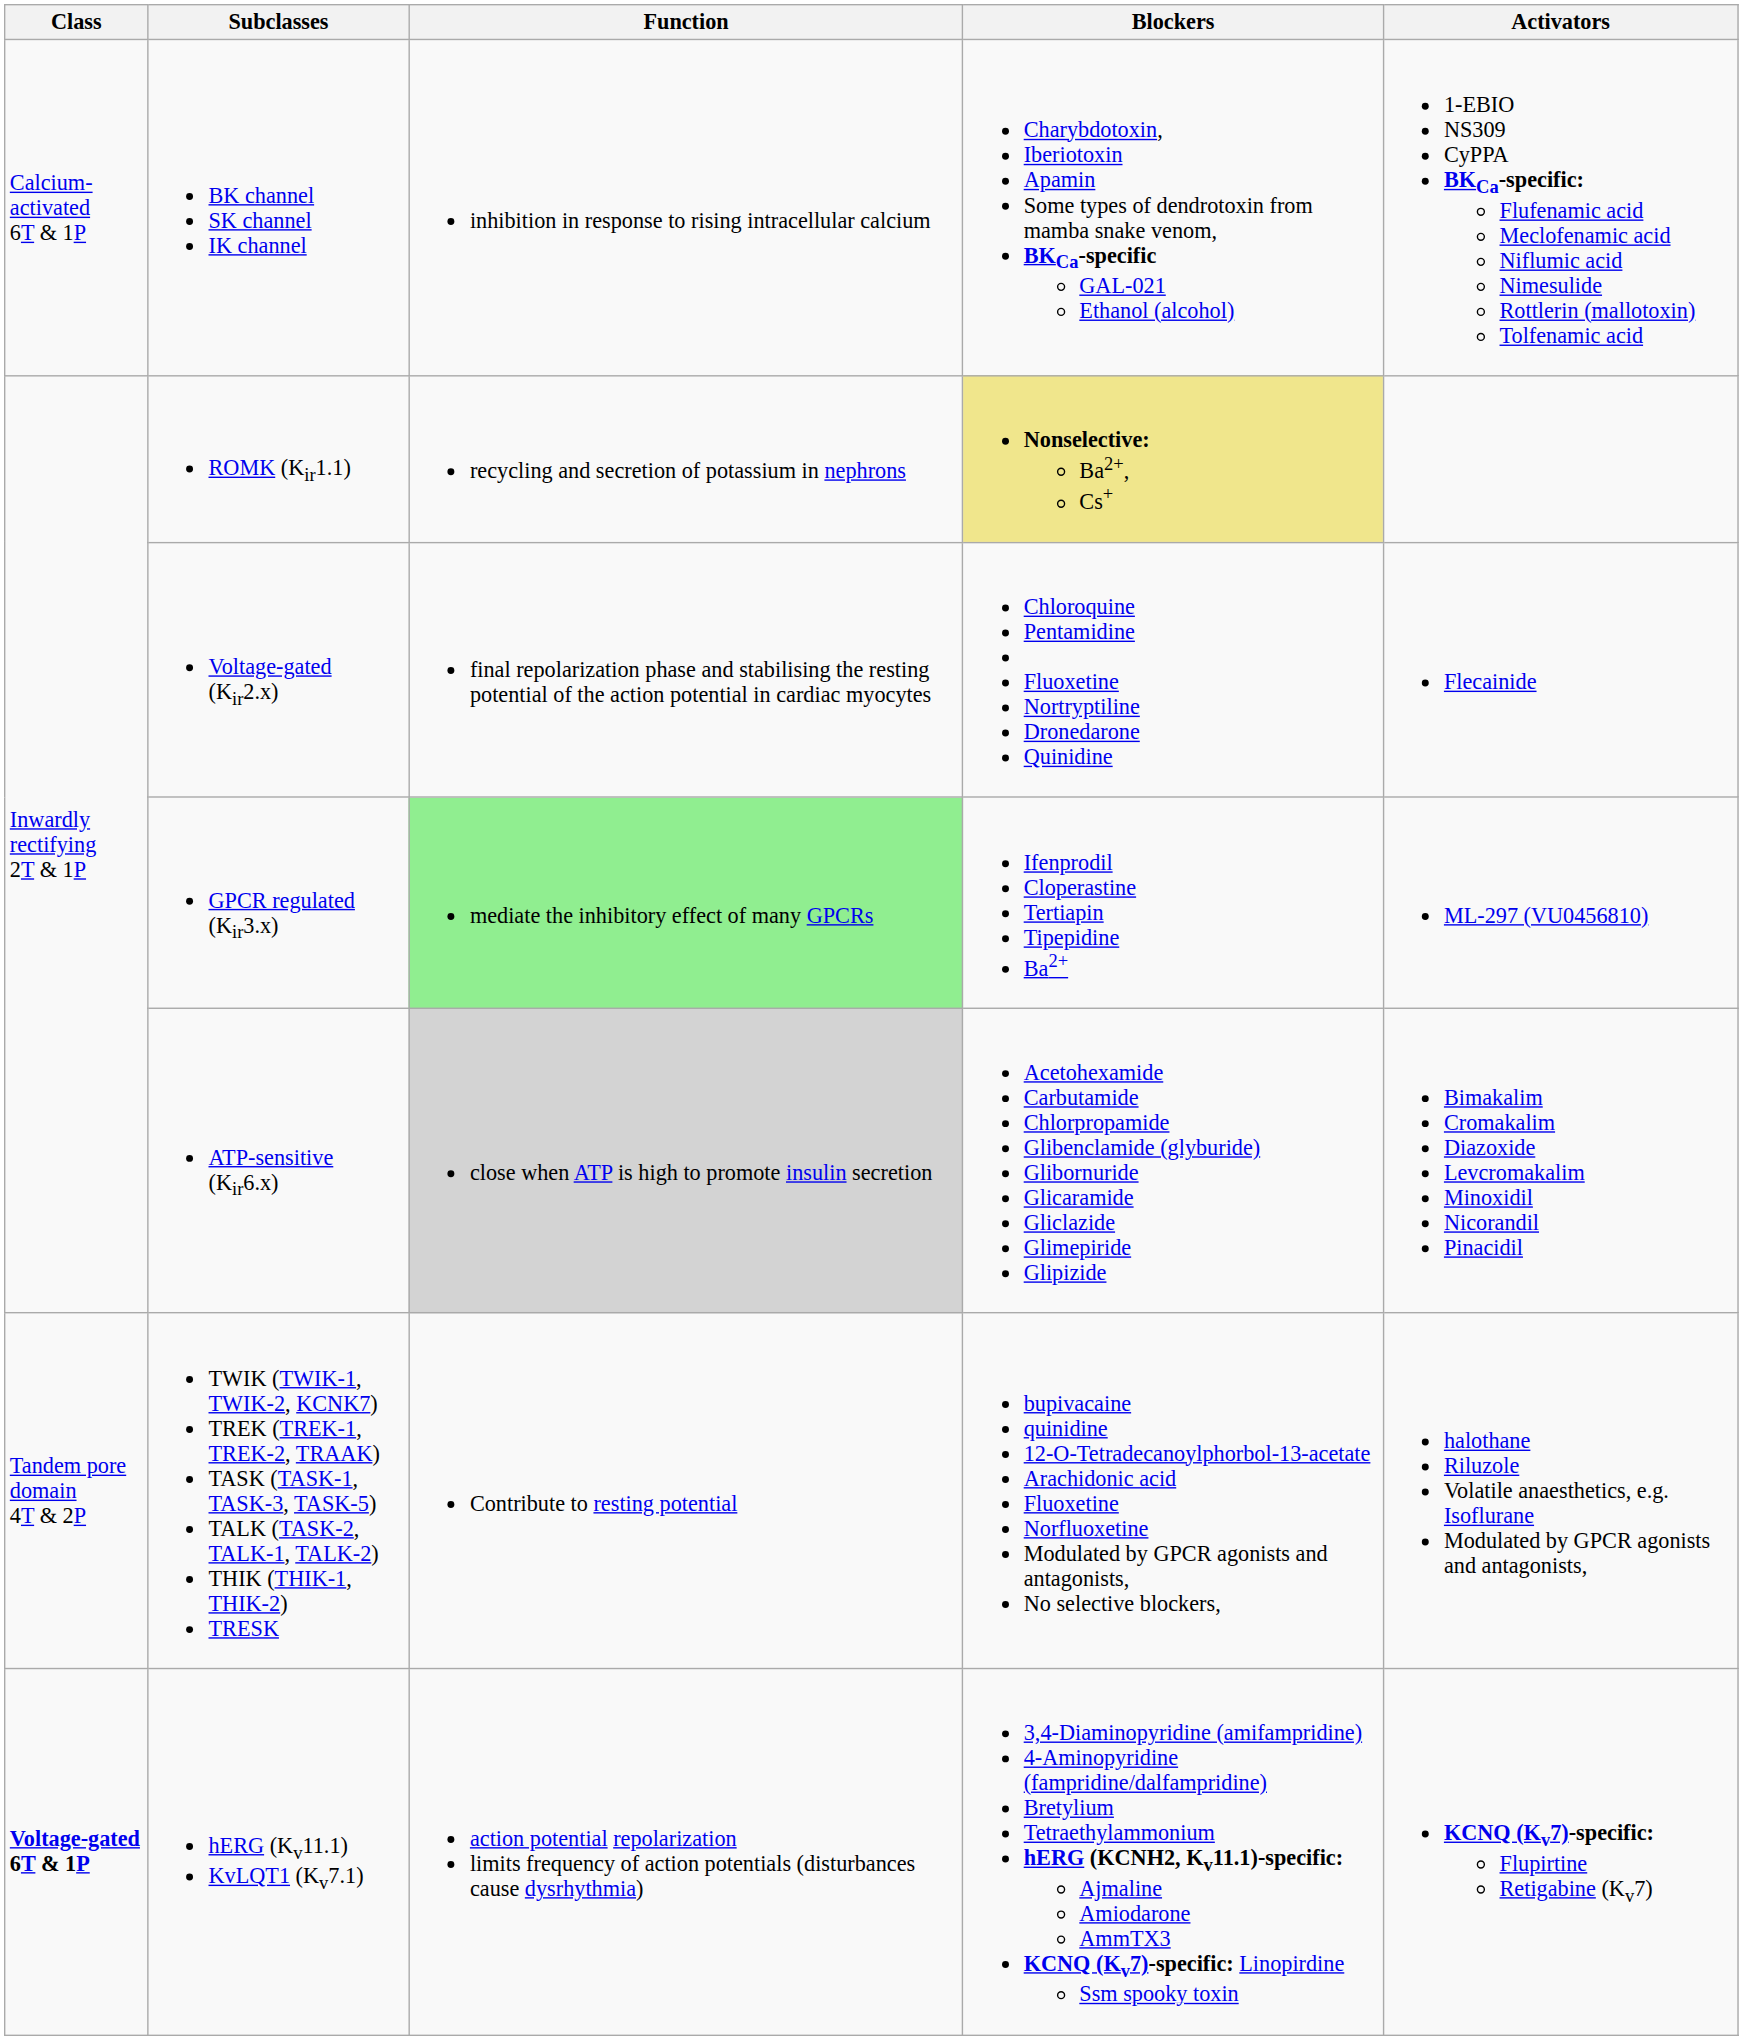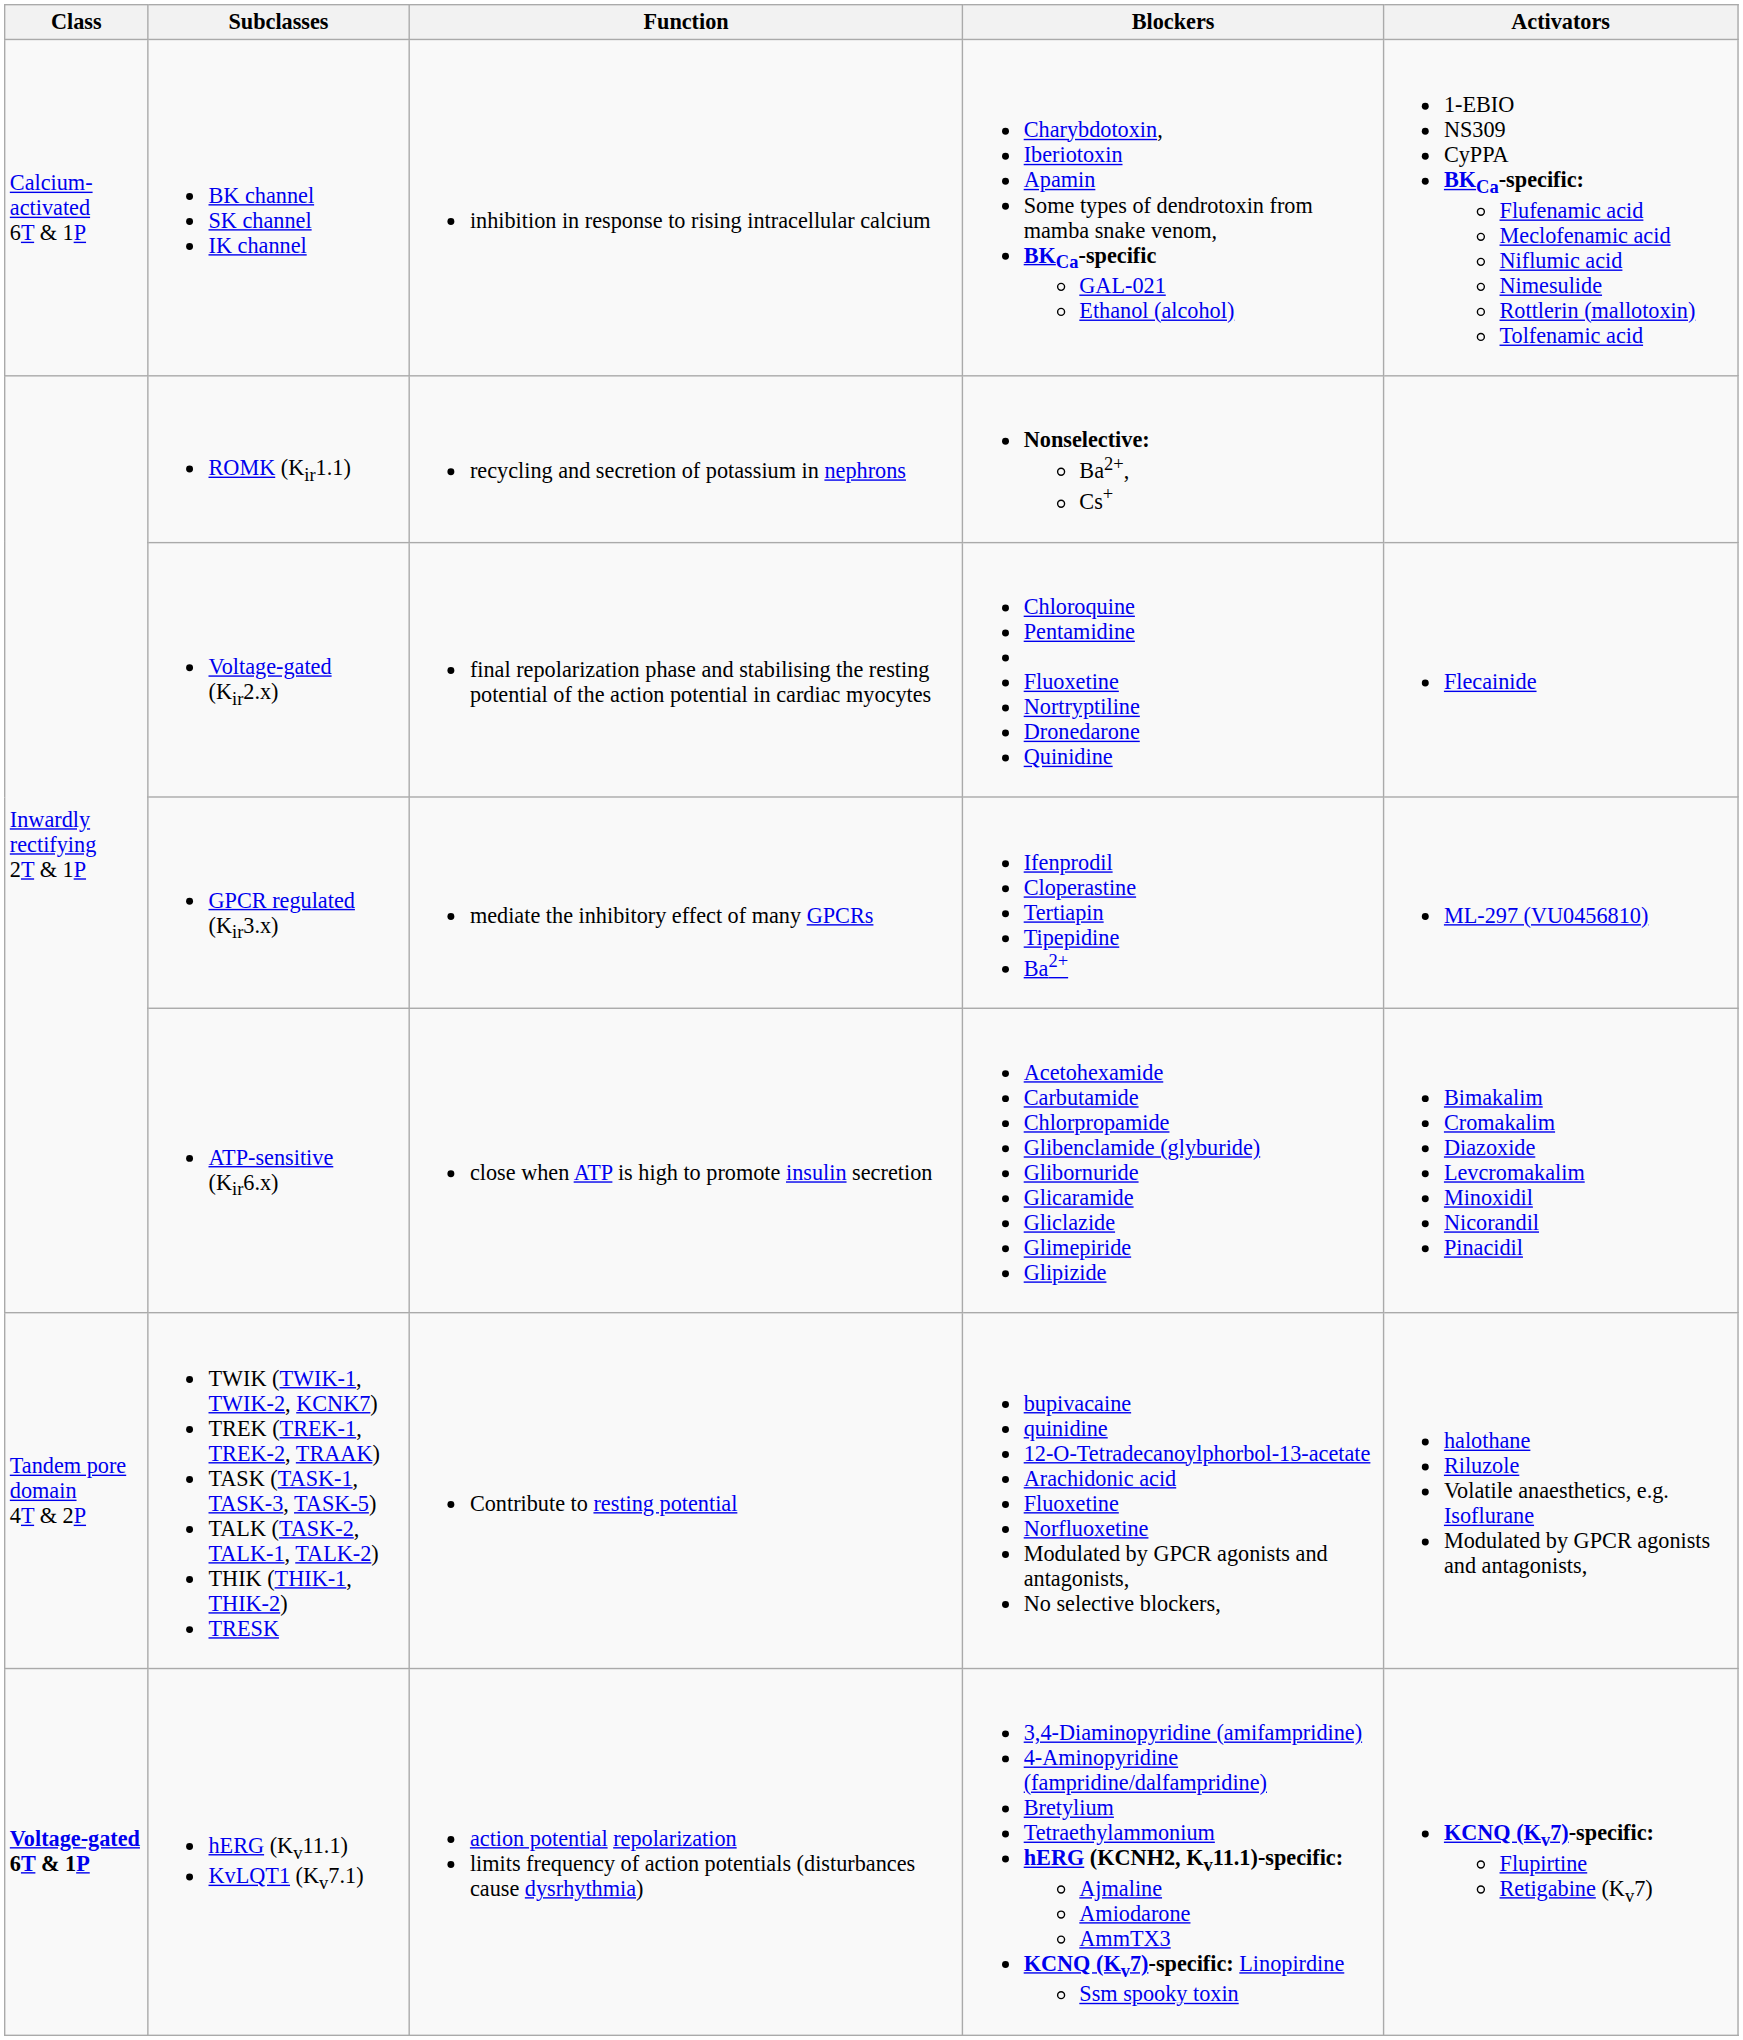 <table class="wikitable">
 <tr>
 <th><strong>Class</strong></th>
 <th>Subclasses</th>
 <th>Function</th>
 <th>Blockers</th>
 <th>Activators</th>
 </tr>
 <tr>
 <td><a href='#'>Calcium-activated</a> <br> 6<a href='#'>T</a> & 1<a href='#'>P</a></td>
 <td><br><ul><li><a href='#'>BK channel</a></li><li><a href='#'>SK channel</a></li><li><a href='#'>IK channel</a></li></ul></td>
 <td><br><ul><li>inhibition in response to rising intracellular calcium</li></ul></td>
 <td><br><ul><li><a href='#'>Charybdotoxin</a>,</li><li><a href='#'>Iberiotoxin</a></li><li><a href='#'>Apamin</a></li><li>Some types of dendrotoxin from mamba snake venom,</li><li><strong><a href='#'>BK<sub>Ca</sub></a>-specific</strong><ul><li><a href='#'>GAL-021</a></li><li><a href='#'>Ethanol (alcohol)</a></li></ul></li></ul></td>
 <td><br><ul><li>1-EBIO</li><li>NS309</li><li>CyPPA</li><li><strong><a href='#'>BK<sub>Ca</sub></a>-specific:</strong><ul><li><a href='#'>Flufenamic acid</a></li><li><a href='#'>Meclofenamic acid</a></li><li><a href='#'>Niflumic acid</a></li><li><a href='#'>Nimesulide</a></li><li><a href='#'>Rottlerin (mallotoxin)</a></li><li><a href='#'>Tolfenamic acid</a></li></ul></li></ul></td>
 </tr>
 <tr>
 <td rowspan="4"><a href='#'>Inwardly rectifying</a> <br> 2<a href='#'>T</a> & 1<a href='#'>P</a></td>
 <td><br><ul><li><a href='#'>ROMK</a> (K<sub>ir</sub>1.1)</li></ul></td>
 <td><br><ul><li>recycling and secretion of potassium in <a href='#'>nephrons</a></li></ul></td>
-<td style="background: khaki;"><br><ul><li><strong>Nonselective:</strong><ul><li>Ba<sup>2+</sup>,</li><li>Cs<sup>+</sup></li></ul></li></ul></td>
+<td><br><ul><li><strong>Nonselective:</strong><ul><li>Ba<sup>2+</sup>,</li><li>Cs<sup>+</sup></li></ul></li></ul></td>
 <td></td>
 </tr>
 <tr>
 <td><br><ul><li><a href='#'>Voltage-gated</a> (K<sub>ir</sub>2.x)</li></ul></td>
 <td><br><ul><li>final repolarization phase and stabilising the resting potential of the action potential in cardiac myocytes</li></ul></td>
 <td><br><ul><li><a href='#'>Chloroquine</a></li><li><a href='#'>Pentamidine</a></li><li></li><li><a href='#'>Fluoxetine</a></li><li><a href='#'>Nortryptiline</a></li><li><a href='#'>Dronedarone</a></li><li><a href='#'>Quinidine</a></li></ul></td>
 <td><br><ul><li><a href='#'>Flecainide</a></li></ul></td>
 </tr>
 <tr>
 <td><br><ul><li><a href='#'>GPCR regulated</a> (K<sub>ir</sub>3.x)</li></ul></td>
-<td style="background: lightgreen;"><br><ul><li>mediate the inhibitory effect of many <a href='#'>GPCRs</a></li></ul></td>
+<td><br><ul><li>mediate the inhibitory effect of many <a href='#'>GPCRs</a></li></ul></td>
 <td><br><ul><li><a href='#'>Ifenprodil</a></li><li><a href='#'>Cloperastine</a></li><li><a href='#'>Tertiapin</a></li><li><a href='#'>Tipepidine</a></li><li><a href='#'>Ba<sup>2+</sup></a></li></ul></td>
 <td><br><ul><li><a href='#'>ML-297 (VU0456810)</a></li></ul></td>
 </tr>
 <tr>
 <td><br><ul><li><a href='#'>ATP-sensitive</a> (K<sub>ir</sub>6.x)</li></ul></td>
-<td style="background: lightgrey;"><br><ul><li>close when <a href='#'>ATP</a> is high to promote <a href='#'>insulin</a> secretion</li></ul></td>
+<td><br><ul><li>close when <a href='#'>ATP</a> is high to promote <a href='#'>insulin</a> secretion</li></ul></td>
 <td><br><ul><li><a href='#'>Acetohexamide</a> </li><li><a href='#'>Carbutamide</a> </li><li><a href='#'>Chlorpropamide</a> </li><li><a href='#'>Glibenclamide (glyburide)</a></li><li><a href='#'>Glibornuride</a> </li><li><a href='#'>Glicaramide</a> </li><li><a href='#'>Gliclazide</a></li><li><a href='#'>Glimepiride</a> </li><li><a href='#'>Glipizide</a> </li></ul></td>
 <td><br><ul><li><a href='#'>Bimakalim</a></li><li><a href='#'>Cromakalim</a></li><li><a href='#'>Diazoxide</a></li><li><a href='#'>Levcromakalim</a></li><li><a href='#'>Minoxidil</a></li><li><a href='#'>Nicorandil</a></li><li><a href='#'>Pinacidil</a></li></ul></td>
 </tr>
 <tr>
 <td><a href='#'>Tandem pore domain</a> <br> 4<a href='#'>T</a> & 2<a href='#'>P</a></td>
 <td><br><ul><li>TWIK (<a href='#'>TWIK-1</a>, <a href='#'>TWIK-2</a>, <a href='#'>KCNK7</a>)</li><li>TREK (<a href='#'>TREK-1</a>, <a href='#'>TREK-2</a>, <a href='#'>TRAAK</a>)</li><li>TASK (<a href='#'>TASK-1</a>, <a href='#'>TASK-3</a>, <a href='#'>TASK-5</a>)</li><li>TALK (<a href='#'>TASK-2</a>, <a href='#'>TALK-1</a>, <a href='#'>TALK-2</a>)</li><li>THIK (<a href='#'>THIK-1</a>, <a href='#'>THIK-2</a>)</li><li><a href='#'>TRESK</a></li></ul></td>
 <td><br><ul><li>Contribute to <a href='#'>resting potential</a></li></ul></td>
 <td><br><ul><li><a href='#'>bupivacaine</a></li><li><a href='#'>quinidine</a></li><li><a href='#'>12-O-Tetradecanoylphorbol-13-acetate</a></li><li><a href='#'>Arachidonic acid</a></li><li><a href='#'>Fluoxetine</a></li><li><a href='#'>Norfluoxetine</a></li><li>Modulated by GPCR agonists and antagonists,</li><li>No selective blockers,</li></ul></td>
 <td><br><ul><li><a href='#'>halothane</a></li><li><a href='#'>Riluzole</a></li><li>Volatile anaesthetics, e.g. <a href='#'>Isoflurane</a></li><li>Modulated by GPCR agonists and antagonists,</li></ul></td>
 </tr>
 <tr>
 <td><strong><a href='#'>Voltage-gated</a> <br> 6<a href='#'>T</a> & 1<a href='#'>P</a></strong></td>
 <td><br><ul><li><a href='#'>hERG</a> (K<sub>v</sub>11.1)</li><li><a href='#'>KvLQT1</a> (K<sub>v</sub>7.1)</li></ul></td>
 <td><br><ul><li><a href='#'>action potential</a> <a href='#'>repolarization</a></li><li>limits frequency of action potentials (disturbances cause <a href='#'>dysrhythmia</a>)</li></ul></td>
 <td><br><ul><li><a href='#'>3,4-Diaminopyridine (amifampridine)</a></li><li><a href='#'>4-Aminopyridine (fampridine/dalfampridine)</a></li><li><a href='#'>Bretylium</a></li><li><a href='#'>Tetraethylammonium</a></li><li><strong><a href='#'>hERG</a> (KCNH2, K<sub>v</sub>11.1)-specific:</strong><ul><li><a href='#'>Ajmaline</a></li><li><a href='#'>Amiodarone</a></li><li><a href='#'>AmmTX3</a></li></ul></li><li><strong><a href='#'>KCNQ (K<sub>v</sub>7)</a>-specific:</strong> <a href='#'>Linopirdine</a><ul><li><a href='#'>Ssm spooky toxin</a></li></ul></li></ul></td>
 <td><br><ul><li><strong><a href='#'>KCNQ (K<sub>v</sub>7)</a>-specific:</strong><ul><li><a href='#'>Flupirtine</a></li><li><a href='#'>Retigabine</a> (K<sub>v</sub>7)</li></ul></li></ul></td>
 </tr>
 <tr>
 </tr>
 </table>
